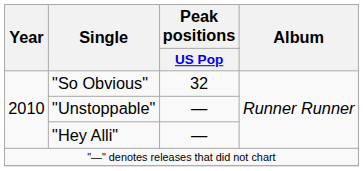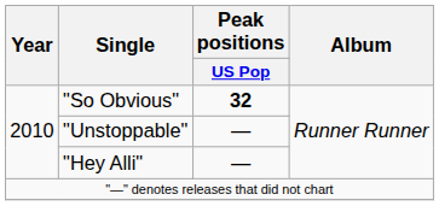 <table class="wikitable" style="text-align:center;">
 <tr>
 <th rowspan="2">Year</th>
 <th rowspan="2">Single</th>
 <th colspan="1">Peak positions</th>
 <th rowspan="2">Album</th>
 </tr>
 <tr style="font-size:smaller;">
 <th width="50"><a href='#'>US Pop</a><br></th>
 </tr>
 <tr>
 <td rowspan="3">2010</td>
 <td align="left">"So Obvious"</td>
-<td>32</td>
+<td><strong>32</strong></td>
 <td rowspan="3"><em>Runner Runner</em></td>
 </tr>
 <tr>
 <td align="left">"Unstoppable"</td>
 <td>—</td>
 </tr>
 <tr>
 <td align="left">"Hey Alli"</td>
 <td>—</td>
 </tr>
 <tr>
 <td colspan="4" style="font-size:8pt">"—" denotes releases that did not chart</td>
 </tr>
 <tr>
 </tr>
 </table>
